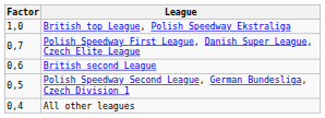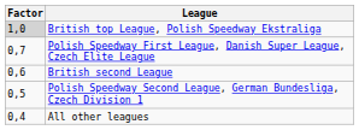 <table class="wikitable" style="border-collapse: collapse; margin:0;">
 <tr>
 <th width=20 align=left>Factor</th>
 <th width=400 align=left>League</th>
 </tr>
 <tr>
-<td>1,0</td>
+<td style="background: lightgrey;">1,0</td>
 <td><a href='#'>British top League</a>, <a href='#'>Polish Speedway Ekstraliga</a></td>
 </tr>
 <tr>
 <td>0,7</td>
 <td><a href='#'>Polish Speedway First League</a>, <a href='#'>Danish Super League</a>, <a href='#'>Czech Elite League</a></td>
 </tr>
 <tr>
 <td>0,6</td>
 <td><a href='#'>British second League</a></td>
 </tr>
 <tr>
 <td>0,5</td>
 <td><a href='#'>Polish Speedway Second League</a>, <a href='#'>German Bundesliga</a>, <a href='#'>Czech Division 1</a></td>
 </tr>
 <tr>
 <td>0,4</td>
 <td>All other leagues</td>
 </tr>
 </table>
